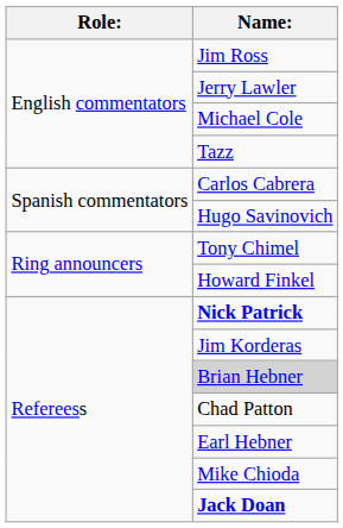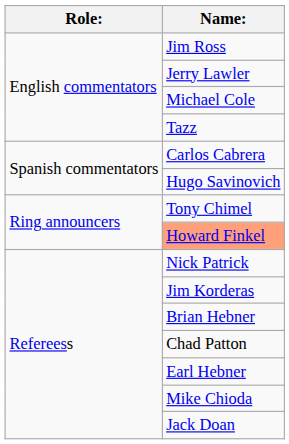 <table class=wikitable style="font-size:90%; margin: 0.5em 0 0.5em 1em; float: right; clear: right;">
 <tr>
 <th>Role:</th>
 <th>Name:</th>
 </tr>
 <tr>
 <td rowspan=4>English <a href='#'>commentators</a></td>
 <td><a href='#'>Jim Ross</a> </td>
 </tr>
 <tr>
 <td><a href='#'>Jerry Lawler</a> </td>
 </tr>
 <tr>
 <td><a href='#'>Michael Cole</a> </td>
 </tr>
 <tr>
 <td><a href='#'>Tazz</a> </td>
 </tr>
 <tr>
 <td rowspan=2>Spanish commentators</td>
 <td><a href='#'>Carlos Cabrera</a></td>
 </tr>
 <tr>
 <td><a href='#'>Hugo Savinovich</a></td>
 </tr>
 <tr>
 <td rowspan=2><a href='#'>Ring announcers</a></td>
 <td><a href='#'>Tony Chimel</a> </td>
 </tr>
 <tr>
-<td><a href='#'>Howard Finkel</a> </td>
+<td style="background: lightsalmon;"><a href='#'>Howard Finkel</a> </td>
 </tr>
 <tr>
 <td rowspan=7><a href='#'>Referees</a>s</td>
-<td><strong><a href='#'>Nick Patrick</a> </strong></td>
+<td><a href='#'>Nick Patrick</a> </td>
 </tr>
 <tr>
 <td><a href='#'>Jim Korderas</a> </td>
 </tr>
 <tr>
-<td style="background: lightgrey;"><a href='#'>Brian Hebner</a> </td>
+<td><a href='#'>Brian Hebner</a> </td>
 </tr>
 <tr>
 <td>Chad Patton </td>
 </tr>
 <tr>
 <td><a href='#'>Earl Hebner</a> </td>
 </tr>
 <tr>
 <td><a href='#'>Mike Chioda</a> </td>
 </tr>
 <tr>
-<td><strong><a href='#'>Jack Doan</a> </strong></td>
+<td><a href='#'>Jack Doan</a> </td>
 </tr>
 </table>
